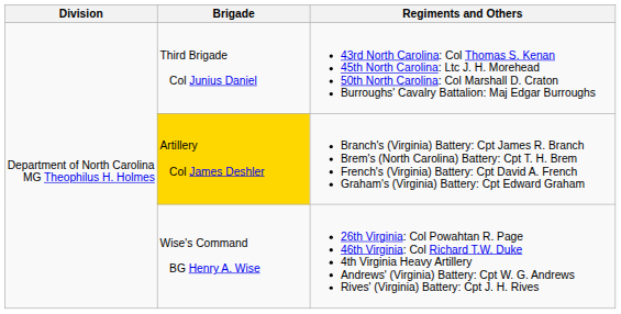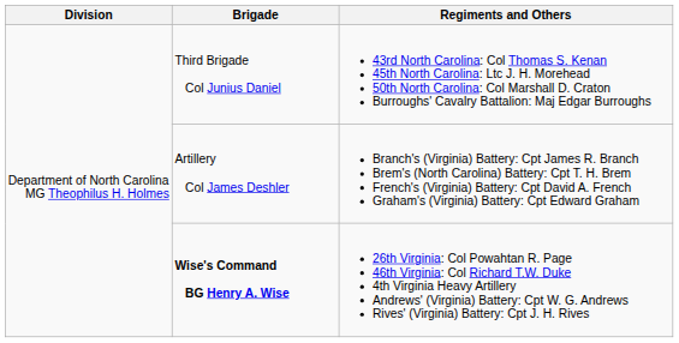 <table class="wikitable">
 <tr>
 <th width=25%>Division</th>
 <th width=25%>Brigade</th>
 <th>Regiments and Others</th>
 </tr>
 <tr>
 <td rowspan=3><br>Department of North Carolina <br>     MG <a href='#'>Theophilus H. Holmes</a></td>
 <td>Third Brigade<br><br>   Col <a href='#'>Junius Daniel</a></td>
 <td><br><ul><li><a href='#'>43rd North Carolina</a>: Col <a href='#'>Thomas S. Kenan</a></li><li><a href='#'>45th North Carolina</a>: Ltc J. H. Morehead</li><li><a href='#'>50th North Carolina</a>: Col Marshall D. Craton</li><li>Burroughs' Cavalry Battalion: Maj Edgar Burroughs</li></ul></td>
 </tr>
 <tr>
-<td style="background: gold;">Artillery<br><br>   Col <a href='#'>James Deshler</a></td>
+<td>Artillery<br><br>   Col <a href='#'>James Deshler</a></td>
 <td><br><ul><li>Branch's (Virginia) Battery: Cpt James R. Branch</li><li>Brem's (North Carolina) Battery: Cpt T. H. Brem</li><li>French's (Virginia) Battery: Cpt David A. French</li><li>Graham's (Virginia) Battery: Cpt Edward Graham</li></ul></td>
 </tr>
 <tr>
-<td>Wise's Command<br><br>   BG <a href='#'>Henry A. Wise</a></td>
+<td><strong>Wise's Command<br><br>   BG <a href='#'>Henry A. Wise</a></strong></td>
 <td><br><ul><li><a href='#'>26th Virginia</a>: Col Powahtan R. Page</li><li><a href='#'>46th Virginia</a>: Col <a href='#'>Richard T.W. Duke</a></li><li>4th Virginia Heavy Artillery</li><li>Andrews' (Virginia) Battery: Cpt W. G. Andrews</li><li>Rives' (Virginia) Battery: Cpt J. H. Rives</li></ul></td>
 </tr>
 </table>
